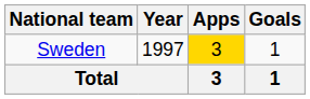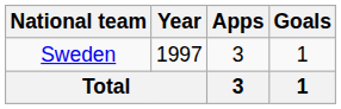 <table class="wikitable" style="text-align:center">
 <tr>
 <th>National team</th>
 <th>Year</th>
 <th>Apps</th>
 <th>Goals</th>
 </tr>
 <tr>
 <td><a href='#'>Sweden</a></td>
 <td>1997</td>
-<td style="background: gold;">3</td>
+<td>3</td>
 <td>1</td>
 </tr>
 <tr>
 <th colspan="2">Total</th>
 <th>3</th>
 <th>1</th>
 </tr>
 </table>
